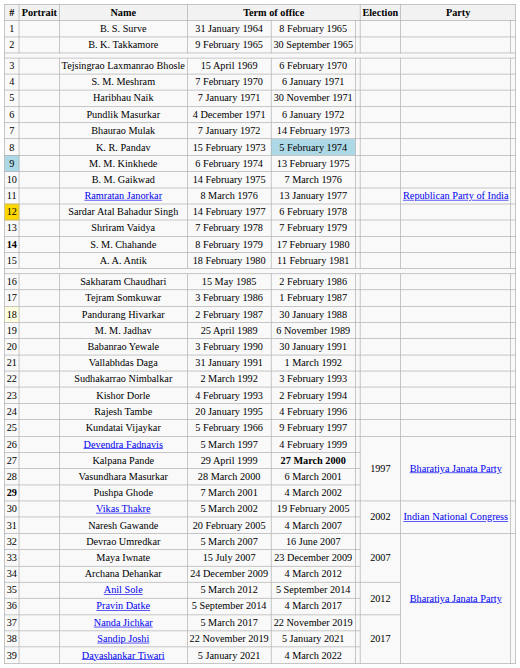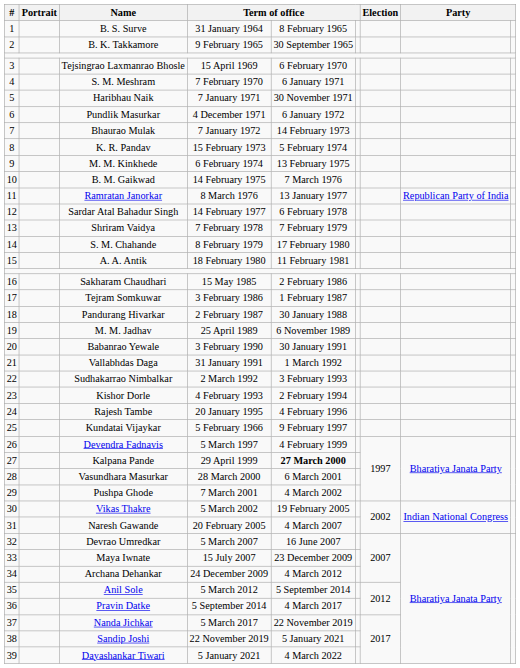 <table class="wikitable" style="text-align:center">
 <tr>
 <th>#</th>
 <th>Portrait</th>
 <th>Name</th>
 <th colspan="3">Term of office</th>
 <th>Election</th>
 <th colspan="2">Party</th>
 </tr>
 <tr>
 <td>1</td>
 <td></td>
 <td>B. S. Surve</td>
 <td>31 January 1964</td>
 <td>8 February 1965</td>
 <td></td>
 <td></td>
 <td></td>
 <td></td>
 </tr>
 <tr>
 <td>2</td>
 <td></td>
 <td>B. K. Takkamore</td>
 <td>9 February 1965</td>
 <td>30 September 1965</td>
 <td></td>
 <td></td>
 <td></td>
 <td></td>
 </tr>
 <tr>
 <td colspan="9"></td>
 </tr>
 <tr>
 <td>3</td>
 <td></td>
 <td>Tejsingrao Laxmanrao Bhosle</td>
 <td>15 April 1969</td>
 <td>6 February 1970</td>
 <td></td>
 <td></td>
 <td></td>
 <td></td>
 </tr>
 <tr>
 <td>4</td>
 <td></td>
 <td>S. M. Meshram</td>
 <td>7 February 1970</td>
 <td>6 January 1971</td>
 <td></td>
 <td></td>
 <td></td>
 <td></td>
 </tr>
 <tr>
 <td>5</td>
 <td></td>
 <td>Haribhau Naik</td>
 <td>7 January 1971</td>
 <td>30 November 1971</td>
 <td></td>
 <td></td>
 <td></td>
 <td></td>
 </tr>
 <tr>
 <td>6</td>
 <td></td>
 <td>Pundlik Masurkar</td>
 <td>4 December 1971</td>
 <td>6 January 1972</td>
 <td></td>
 <td></td>
 <td></td>
 <td></td>
 </tr>
 <tr>
 <td>7</td>
 <td></td>
 <td>Bhaurao Mulak</td>
 <td>7 January 1972</td>
 <td>14 February 1973</td>
 <td></td>
 <td></td>
 <td></td>
 <td></td>
 </tr>
 <tr>
 <td>8</td>
 <td></td>
 <td>K. R. Pandav</td>
 <td>15 February 1973</td>
-<td style="background: lightblue;">5 February 1974</td>
+<td>5 February 1974</td>
 <td></td>
 <td></td>
 <td></td>
 <td></td>
 </tr>
 <tr>
-<td style="background: lightblue;">9</td>
+<td>9</td>
 <td></td>
 <td>M. M. Kinkhede</td>
 <td>6 February 1974</td>
 <td>13 February 1975</td>
 <td></td>
 <td></td>
 <td></td>
 <td></td>
 </tr>
 <tr>
 <td>10</td>
 <td></td>
 <td>B. M. Gaikwad</td>
 <td>14 February 1975</td>
 <td>7 March 1976</td>
 <td></td>
 <td></td>
 <td></td>
 <td></td>
 </tr>
 <tr>
 <td>11</td>
 <td></td>
 <td><a href='#'>Ramratan Janorkar</a></td>
 <td>8 March 1976</td>
 <td>13 January 1977</td>
 <td></td>
 <td></td>
 <td><a href='#'>Republican Party of India</a></td>
 <td style="background-color: "></td>
 </tr>
 <tr>
-<td style="background: gold;">12</td>
+<td>12</td>
 <td></td>
 <td>Sardar Atal Bahadur Singh</td>
 <td>14 February 1977</td>
 <td>6 February 1978</td>
 <td></td>
 <td></td>
 <td></td>
 <td></td>
 </tr>
 <tr>
 <td>13</td>
 <td></td>
 <td>Shriram Vaidya</td>
 <td>7 February 1978</td>
 <td>7 February 1979</td>
 <td></td>
 <td></td>
 <td></td>
 <td></td>
 </tr>
 <tr>
-<td><strong>14</strong></td>
+<td>14</td>
 <td></td>
 <td>S. M. Chahande</td>
 <td>8 February 1979</td>
 <td>17 February 1980</td>
 <td></td>
 <td></td>
 <td></td>
 <td></td>
 </tr>
 <tr>
 <td>15</td>
 <td></td>
 <td>A. A. Antik</td>
 <td>18 February 1980</td>
 <td>11 February 1981</td>
 <td></td>
 <td></td>
 <td></td>
 <td></td>
 </tr>
 <tr>
 <td colspan="9"></td>
 </tr>
 <tr>
 <td>16</td>
 <td></td>
 <td>Sakharam Chaudhari</td>
 <td>15 May 1985</td>
 <td>2 February 1986</td>
 <td></td>
 <td></td>
 <td></td>
 <td></td>
 </tr>
 <tr>
 <td>17</td>
 <td></td>
 <td>Tejram Somkuwar</td>
 <td>3 February 1986</td>
 <td>1 February 1987</td>
 <td></td>
 <td></td>
 <td></td>
 <td></td>
 </tr>
 <tr>
-<td style="background: lightyellow;">18</td>
+<td>18</td>
 <td></td>
 <td>Pandurang Hivarkar</td>
 <td>2 February 1987</td>
 <td>30 January 1988</td>
 <td></td>
 <td></td>
 <td></td>
 <td></td>
 </tr>
 <tr>
 <td>19</td>
 <td></td>
 <td>M. M. Jadhav</td>
 <td>25 April 1989</td>
 <td>6 November 1989</td>
 <td></td>
 <td></td>
 <td></td>
 <td></td>
 </tr>
 <tr>
 <td>20</td>
 <td></td>
 <td>Babanrao Yewale</td>
 <td>3 February 1990</td>
 <td>30 January 1991</td>
 <td></td>
 <td></td>
 <td></td>
 <td></td>
 </tr>
 <tr>
 <td>21</td>
 <td></td>
 <td>Vallabhdas Daga</td>
 <td>31 January 1991</td>
 <td>1 March 1992</td>
 <td></td>
 <td></td>
 <td></td>
 <td></td>
 </tr>
 <tr>
 <td>22</td>
 <td></td>
 <td>Sudhakarrao Nimbalkar</td>
 <td>2 March 1992</td>
 <td>3 February 1993</td>
 <td></td>
 <td></td>
 <td></td>
 <td></td>
 </tr>
 <tr>
 <td>23</td>
 <td></td>
 <td>Kishor Dorle</td>
 <td>4 February 1993</td>
 <td>2 February 1994</td>
 <td></td>
 <td></td>
 <td></td>
 <td></td>
 </tr>
 <tr>
 <td>24</td>
 <td></td>
 <td>Rajesh Tambe</td>
 <td>20 January 1995</td>
 <td>4 February 1996</td>
 <td></td>
 <td></td>
 <td></td>
 <td></td>
 </tr>
 <tr>
 <td>25</td>
 <td></td>
 <td>Kundatai Vijaykar</td>
 <td>5  February 1966</td>
 <td>9 February 1997</td>
 <td></td>
 <td></td>
 <td></td>
 <td></td>
 </tr>
 <tr>
 <td>26</td>
 <td></td>
 <td><a href='#'>Devendra Fadnavis</a></td>
 <td>5 March 1997</td>
 <td>4 February 1999</td>
 <td></td>
 <td rowspan="4">1997</td>
 <td rowspan="4"><a href='#'>Bharatiya Janata Party</a></td>
 <td rowspan="4" style="background-color: "></td>
 </tr>
 <tr>
 <td>27</td>
 <td></td>
 <td>Kalpana Pande</td>
 <td>29 April 1999</td>
 <td><strong>27 March 2000</strong></td>
 <td></td>
 </tr>
 <tr>
 <td>28</td>
 <td></td>
 <td>Vasundhara Masurkar</td>
 <td>28 March 2000</td>
 <td>6 March 2001</td>
 <td></td>
 </tr>
 <tr>
-<td><strong>29</strong></td>
+<td>29</td>
 <td></td>
 <td>Pushpa Ghode</td>
 <td>7 March 2001</td>
 <td>4 March 2002</td>
 <td></td>
 </tr>
 <tr>
 <td>30</td>
 <td></td>
 <td><a href='#'>Vikas Thakre</a></td>
 <td>5 March 2002</td>
 <td>19 February 2005</td>
 <td></td>
 <td rowspan="2">2002</td>
 <td rowspan="2"><a href='#'>Indian National Congress</a></td>
 <td rowspan="2" style="background-color: "></td>
 </tr>
 <tr>
 <td>31</td>
 <td></td>
 <td>Naresh Gawande</td>
 <td>20 February 2005</td>
 <td>4 March 2007</td>
 <td></td>
 </tr>
 <tr>
 <td>32</td>
 <td></td>
 <td>Devrao Umredkar</td>
 <td>5 March 2007</td>
 <td>16 June 2007</td>
 <td></td>
 <td rowspan="3">2007</td>
 <td rowspan="8"><a href='#'>Bharatiya Janata Party</a></td>
 <td rowspan="8" style="background-color: "></td>
 </tr>
 <tr>
 <td>33</td>
 <td></td>
 <td>Maya Iwnate</td>
 <td>15 July 2007</td>
 <td>23 December 2009</td>
 <td></td>
 </tr>
 <tr>
 <td>34</td>
 <td></td>
 <td>Archana Dehankar</td>
 <td>24 December 2009</td>
 <td>4 March 2012</td>
 <td></td>
 </tr>
 <tr>
 <td>35</td>
 <td></td>
 <td><a href='#'>Anil Sole</a></td>
 <td>5 March 2012</td>
 <td>5 September 2014</td>
 <td></td>
 <td rowspan="2">2012</td>
 </tr>
 <tr>
 <td>36</td>
 <td></td>
 <td><a href='#'>Pravin Datke</a></td>
 <td>5 September 2014</td>
 <td>4 March 2017</td>
 <td></td>
 </tr>
 <tr>
 <td>37</td>
 <td></td>
 <td><a href='#'>Nanda Jichkar</a></td>
 <td>5 March 2017</td>
 <td>22 November 2019</td>
 <td></td>
 <td rowspan="3">2017</td>
 </tr>
 <tr>
 <td>38</td>
 <td></td>
 <td><a href='#'>Sandip Joshi</a></td>
 <td>22 November 2019</td>
 <td>5 January 2021</td>
 <td></td>
 </tr>
 <tr>
 <td>39</td>
 <td></td>
 <td><a href='#'>Dayashankar Tiwari</a></td>
 <td>5 January 2021</td>
 <td>4 March 2022</td>
 <td></td>
 </tr>
 </table>
